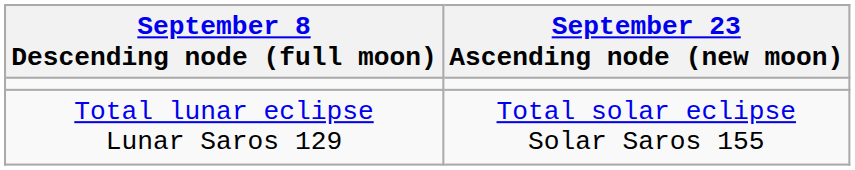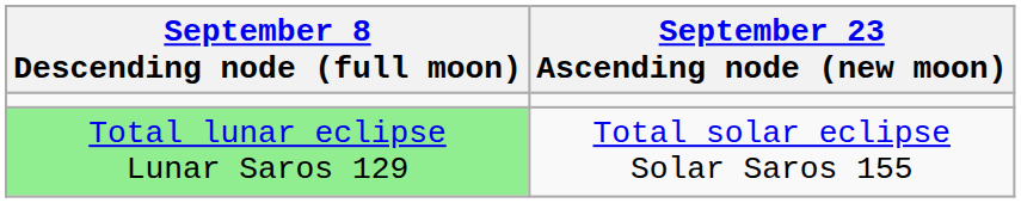 <table class="wikitable">
 <tr>
 <th><a href='#'>September 8</a><br>Descending node (full moon)<br></th>
 <th><a href='#'>September 23</a><br>Ascending node (new moon)<br></th>
 </tr>
 <tr>
 <td></td>
 <td></td>
 </tr>
 <tr align=center>
-<td><a href='#'>Total lunar eclipse</a><br>Lunar Saros 129</td>
+<td style="background: lightgreen;"><a href='#'>Total lunar eclipse</a><br>Lunar Saros 129</td>
 <td><a href='#'>Total solar eclipse</a><br>Solar Saros 155</td>
 </tr>
 </table>
